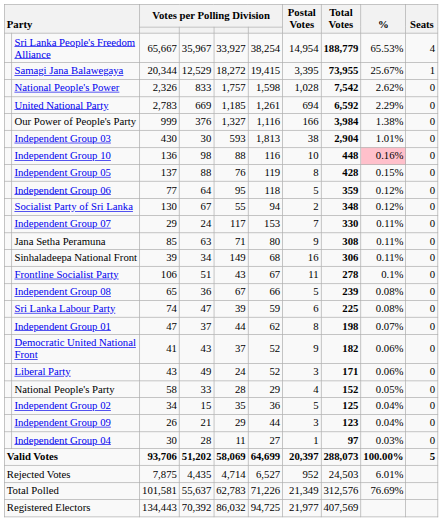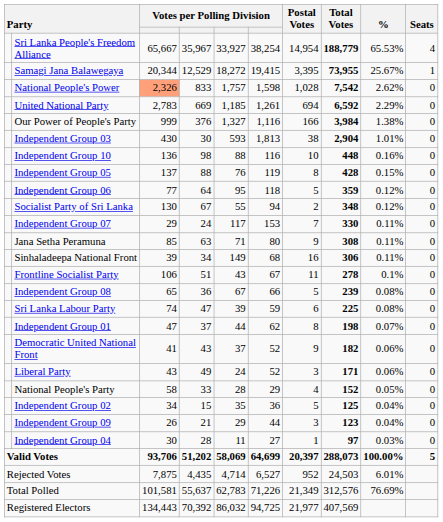 <table class="wikitable" border="1" style="text-align:right;">
 <tr>
 <th style="text-align:left; vertical-align:bottom;" rowspan="2" colspan="2">Party</th>
 <th colspan=4>Votes per Polling Division</th>
 <th rowspan="2" style="vertical-align:bottom; text-align:center; width:50px;">Postal<br>Votes</th>
 <th rowspan="2" style="vertical-align:bottom; text-align:center; width:50px;">Total Votes</th>
 <th rowspan="2" style="vertical-align:bottom; text-align:center; width:50px;">%</th>
 <th rowspan="2" style="vertical-align:bottom; text-align:center; width:40px;">Seats</th>
 </tr>
 <tr>
 <th></th>
 <th></th>
 <th></th>
 <th></th>
 </tr>
 <tr>
 <td bgcolor=> </td>
 <td align=left><a href='#'>Sri Lanka People's Freedom<br>Alliance</a></td>
 <td>65,667</td>
 <td>35,967</td>
 <td>33,927</td>
 <td>38,254</td>
 <td>14,954</td>
 <td><strong>188,779</strong></td>
 <td>65.53%</td>
 <td>4</td>
 </tr>
 <tr>
 <td bgcolor=> </td>
 <td align=left><a href='#'>Samagi Jana Balawegaya</a></td>
 <td>20,344</td>
 <td>12,529</td>
 <td>18,272</td>
 <td>19,415</td>
 <td>3,395</td>
 <td><strong>73,955</strong></td>
 <td>25.67%</td>
 <td>1</td>
 </tr>
 <tr>
 <td bgcolor=> </td>
 <td align=left><a href='#'>National People's Power</a></td>
-<td>2,326</td>
+<td style="background: lightsalmon;">2,326</td>
 <td>833</td>
 <td>1,757</td>
 <td>1,598</td>
 <td>1,028</td>
 <td><strong>7,542</strong></td>
 <td>2.62%</td>
 <td>0</td>
 </tr>
 <tr>
 <td bgcolor=> </td>
 <td align=left><a href='#'>United National Party</a></td>
 <td>2,783</td>
 <td>669</td>
 <td>1,185</td>
 <td>1,261</td>
 <td>694</td>
 <td><strong>6,592</strong></td>
 <td>2.29%</td>
 <td>0</td>
 </tr>
 <tr>
 <td bgcolor=> </td>
 <td align=left>Our Power of People's Party</td>
 <td>999</td>
 <td>376</td>
 <td>1,327</td>
 <td>1,116</td>
 <td>166</td>
 <td><strong>3,984</strong></td>
 <td>1.38%</td>
 <td>0</td>
 </tr>
 <tr>
 <td bgcolor=> </td>
 <td align=left><a href='#'>Independent Group 03</a></td>
 <td>430</td>
 <td>30</td>
 <td>593</td>
 <td>1,813</td>
 <td>38</td>
 <td><strong>2,904</strong></td>
 <td>1.01%</td>
 <td>0</td>
 </tr>
 <tr>
 <td bgcolor=> </td>
 <td align=left><a href='#'>Independent Group 10</a></td>
 <td>136</td>
 <td>98</td>
 <td>88</td>
 <td>116</td>
 <td>10</td>
 <td><strong>448</strong></td>
-<td style="background: pink;">0.16%</td>
+<td>0.16%</td>
 <td>0</td>
 </tr>
 <tr>
 <td bgcolor=> </td>
 <td align=left><a href='#'>Independent Group 05</a></td>
 <td>137</td>
 <td>88</td>
 <td>76</td>
 <td>119</td>
 <td>8</td>
 <td><strong>428</strong></td>
 <td>0.15%</td>
 <td>0</td>
 </tr>
 <tr>
 <td bgcolor=> </td>
 <td align=left><a href='#'>Independent Group 06</a></td>
 <td>77</td>
 <td>64</td>
 <td>95</td>
 <td>118</td>
 <td>5</td>
 <td><strong>359</strong></td>
 <td>0.12%</td>
 <td>0</td>
 </tr>
 <tr>
 <td bgcolor=> </td>
 <td align=left><a href='#'>Socialist Party of Sri Lanka</a></td>
 <td>130</td>
 <td>67</td>
 <td>55</td>
 <td>94</td>
 <td>2</td>
 <td><strong>348</strong></td>
 <td>0.12%</td>
 <td>0</td>
 </tr>
 <tr>
 <td bgcolor=> </td>
 <td align=left><a href='#'>Independent Group 07</a></td>
 <td>29</td>
 <td>24</td>
 <td>117</td>
 <td>153</td>
 <td>7</td>
 <td><strong>330</strong></td>
 <td>0.11%</td>
 <td>0</td>
 </tr>
 <tr>
 <td bgcolor=> </td>
 <td align=left>Jana Setha Peramuna</td>
 <td>85</td>
 <td>63</td>
 <td>71</td>
 <td>80</td>
 <td>9</td>
 <td><strong>308</strong></td>
 <td>0.11%</td>
 <td>0</td>
 </tr>
 <tr>
 <td bgcolor=> </td>
 <td align=left>Sinhaladeepa National Front</td>
 <td>39</td>
 <td>34</td>
 <td>149</td>
 <td>68</td>
 <td>16</td>
 <td><strong>306</strong></td>
 <td>0.11%</td>
 <td>0</td>
 </tr>
 <tr>
 <td bgcolor=> </td>
 <td align=left><a href='#'>Frontline Socialist Party</a></td>
 <td>106</td>
 <td>51</td>
 <td>43</td>
 <td>67</td>
 <td>11</td>
 <td><strong>278</strong></td>
 <td>0.1%</td>
 <td>0</td>
 </tr>
 <tr>
 <td bgcolor=> </td>
 <td align=left><a href='#'>Independent Group 08</a></td>
 <td>65</td>
 <td>36</td>
 <td>67</td>
 <td>66</td>
 <td>5</td>
 <td><strong>239</strong></td>
 <td>0.08%</td>
 <td>0</td>
 </tr>
 <tr>
 <td bgcolor=> </td>
 <td align=left><a href='#'>Sri Lanka Labour Party</a></td>
 <td>74</td>
 <td>47</td>
 <td>39</td>
 <td>59</td>
 <td>6</td>
 <td><strong>225</strong></td>
 <td>0.08%</td>
 <td>0</td>
 </tr>
 <tr>
 <td bgcolor=> </td>
 <td align=left><a href='#'>Independent Group 01</a></td>
 <td>47</td>
 <td>37</td>
 <td>44</td>
 <td>62</td>
 <td>8</td>
 <td><strong>198</strong></td>
 <td>0.07%</td>
 <td>0</td>
 </tr>
 <tr>
 <td bgcolor=> </td>
 <td align=left><a href='#'>Democratic United National<br>Front</a></td>
 <td>41</td>
 <td>43</td>
 <td>37</td>
 <td>52</td>
 <td>9</td>
 <td><strong>182</strong></td>
 <td>0.06%</td>
 <td>0</td>
 </tr>
 <tr>
 <td bgcolor=> </td>
 <td align=left><a href='#'>Liberal Party</a></td>
 <td>43</td>
 <td>49</td>
 <td>24</td>
 <td>52</td>
 <td>3</td>
 <td><strong>171</strong></td>
 <td>0.06%</td>
 <td>0</td>
 </tr>
 <tr>
 <td bgcolor=> </td>
 <td align=left>National People's Party</td>
 <td>58</td>
 <td>33</td>
 <td>28</td>
 <td>29</td>
 <td>4</td>
 <td><strong>152</strong></td>
 <td>0.05%</td>
 <td>0</td>
 </tr>
 <tr>
 <td bgcolor=> </td>
 <td align=left><a href='#'>Independent Group 02</a></td>
 <td>34</td>
 <td>15</td>
 <td>35</td>
 <td>36</td>
 <td>5</td>
 <td><strong>125</strong></td>
 <td>0.04%</td>
 <td>0</td>
 </tr>
 <tr>
 <td bgcolor=> </td>
 <td align=left><a href='#'>Independent Group 09</a></td>
 <td>26</td>
 <td>21</td>
 <td>29</td>
 <td>44</td>
 <td>3</td>
 <td><strong>123</strong></td>
 <td>0.04%</td>
 <td>0</td>
 </tr>
 <tr>
 <td bgcolor=> </td>
 <td align=left><a href='#'>Independent Group 04</a></td>
 <td>30</td>
 <td>28</td>
 <td>11</td>
 <td>27</td>
 <td>1</td>
 <td><strong>97</strong></td>
 <td>0.03%</td>
 <td>0</td>
 </tr>
 <tr style="font-weight:bold">
 <td style="text-align:left;" colspan="2">Valid Votes</td>
 <td>93,706</td>
 <td>51,202</td>
 <td>58,069</td>
 <td>64,699</td>
 <td>20,397</td>
 <td>288,073</td>
 <td>100.00%</td>
 <td>5</td>
 </tr>
 <tr>
 <td style="text-align:left;" colspan="2">Rejected Votes</td>
 <td>7,875</td>
 <td>4,435</td>
 <td>4,714</td>
 <td>6,527</td>
 <td>952</td>
 <td>24,503</td>
 <td>6.01%</td>
 <td></td>
 </tr>
 <tr>
 <td style="text-align:left;" colspan="2">Total Polled</td>
 <td>101,581</td>
 <td>55,637</td>
 <td>62,783</td>
 <td>71,226</td>
 <td>21,349</td>
 <td>312,576</td>
 <td>76.69%</td>
 <td></td>
 </tr>
 <tr>
 <td style="text-align:left;" colspan="2">Registered Electors</td>
 <td>134,443</td>
 <td>70,392</td>
 <td>86,032</td>
 <td>94,725</td>
 <td>21,977</td>
 <td>407,569</td>
 <td></td>
 <td></td>
 </tr>
 </table>
